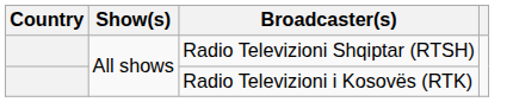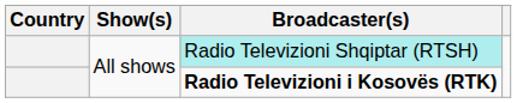 <table class="wikitable plainrowheaders">
 <tr>
 </tr>
 <tr>
 <th>Country</th>
 <th>Show(s)</th>
 <th>Broadcaster(s)</th>
 <th></th>
 </tr>
 <tr>
 <th scope="row"></th>
 <td rowspan="2">All shows</td>
-<td>Radio Televizioni Shqiptar (RTSH)</td>
+<td style="background: paleturquoise;">Radio Televizioni Shqiptar (RTSH)</td>
 <td rowspan="2"></td>
 </tr>
 <tr>
 <th scope="row"></th>
-<td>Radio Televizioni i Kosovës (RTK)</td>
+<td><strong>Radio Televizioni i Kosovës (RTK)</strong></td>
 </tr>
 </table>
